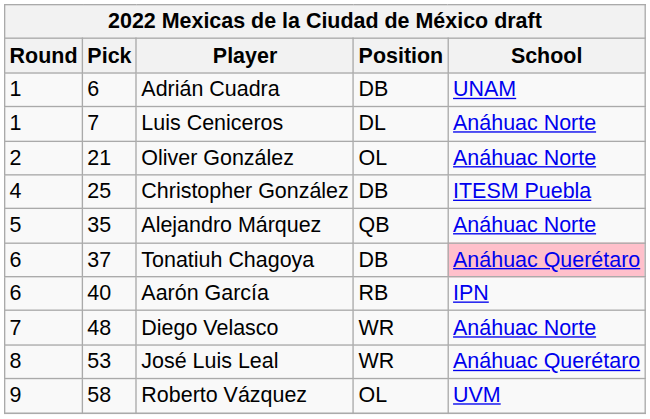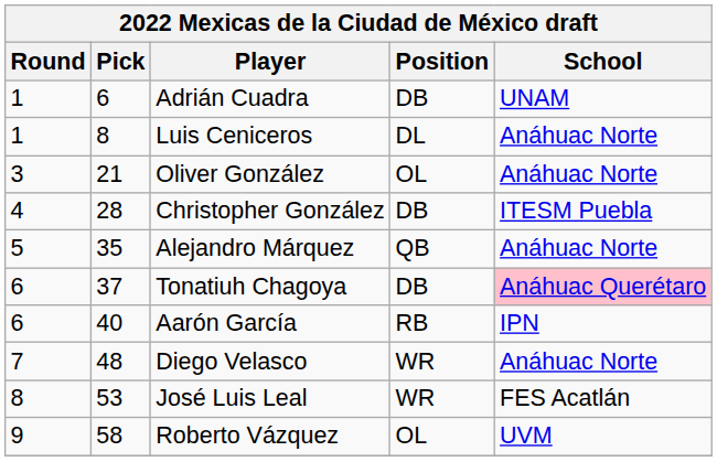 <table class="wikitable" style="text-align:left">
 <tr>
 <th colspan=5>2022 Mexicas de la Ciudad de México draft</th>
 </tr>
 <tr>
 <th>Round</th>
 <th>Pick</th>
 <th>Player</th>
 <th>Position</th>
 <th>School</th>
 </tr>
 <tr>
 <td>1</td>
 <td>6</td>
 <td>Adrián Cuadra</td>
 <td>DB</td>
 <td><a href='#'>UNAM</a></td>
 </tr>
 <tr>
 <td>1</td>
-<td>7</td>
+<td>8</td>
 <td>Luis Ceniceros</td>
 <td>DL</td>
 <td><a href='#'>Anáhuac Norte</a></td>
 </tr>
 <tr>
-<td>2</td>
+<td>3</td>
 <td>21</td>
 <td>Oliver González</td>
 <td>OL</td>
 <td><a href='#'>Anáhuac Norte</a></td>
 </tr>
 <tr>
 <td>4</td>
-<td>25</td>
+<td>28</td>
 <td>Christopher González</td>
 <td>DB</td>
 <td><a href='#'>ITESM Puebla</a></td>
 </tr>
 <tr>
 <td>5</td>
 <td>35</td>
 <td>Alejandro Márquez</td>
 <td>QB</td>
 <td><a href='#'>Anáhuac Norte</a></td>
 </tr>
 <tr>
 <td>6</td>
 <td>37</td>
 <td>Tonatiuh Chagoya</td>
 <td>DB</td>
 <td style="background: pink;"><a href='#'>Anáhuac Querétaro</a></td>
 </tr>
 <tr>
 <td>6</td>
 <td>40</td>
 <td>Aarón García</td>
 <td>RB</td>
 <td><a href='#'>IPN</a></td>
 </tr>
 <tr>
 <td>7</td>
 <td>48</td>
 <td>Diego Velasco</td>
 <td>WR</td>
 <td><a href='#'>Anáhuac Norte</a></td>
 </tr>
 <tr>
 <td>8</td>
 <td>53</td>
 <td>José Luis Leal</td>
 <td>WR</td>
-<td><a href='#'>Anáhuac Querétaro</a></td>
+<td>FES Acatlán</td>
 </tr>
 <tr>
 <td>9</td>
 <td>58</td>
 <td>Roberto Vázquez</td>
 <td>OL</td>
 <td><a href='#'>UVM</a></td>
 </tr>
 <tr>
 </tr>
 </table>
